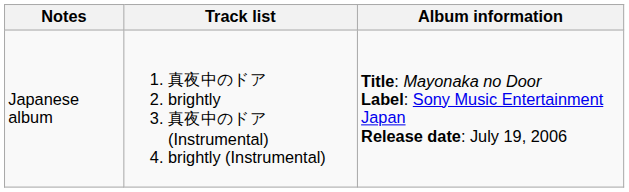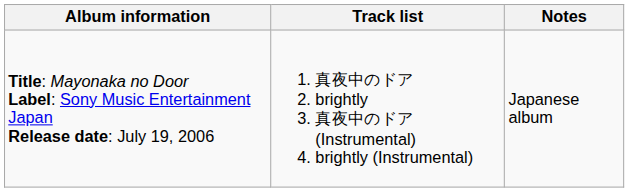 <table class="wikitable">
 <tr>
+<th>Album information</th>
+<th>Track list</th>
 <th>Notes</th>
-<th>Track list</th>
-<th>Album information</th>
 </tr>
 <tr>
+<td><strong>Title</strong>: <em>Mayonaka no Door</em><br><strong>Label</strong>: <a href='#'>Sony Music Entertainment Japan</a><br><strong>Release date</strong>: July 19, 2006</td>
+<td><br><ol><li>真夜中のドア</li><li>brightly</li><li>真夜中のドア (Instrumental)</li><li>brightly (Instrumental)</li></ol></td>
 <td>Japanese album</td>
-<td><br><ol><li>真夜中のドア</li><li>brightly</li><li>真夜中のドア (Instrumental)</li><li>brightly (Instrumental)</li></ol></td>
-<td><strong>Title</strong>: <em>Mayonaka no Door</em><br><strong>Label</strong>: <a href='#'>Sony Music Entertainment Japan</a><br><strong>Release date</strong>: July 19, 2006</td>
 </tr>
 </table>
